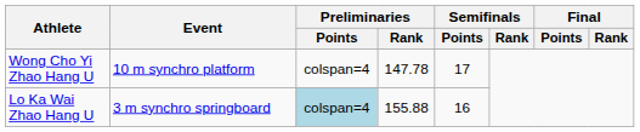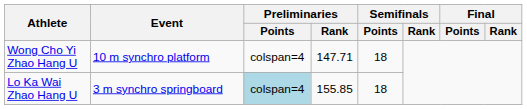 <table class="wikitable" style="text-align:center; font-size:90%; width:50%;">
 <tr>
 <th rowspan=2>Athlete</th>
 <th rowspan=2>Event</th>
 <th colspan=2>Preliminaries</th>
 <th colspan=2>Semifinals</th>
 <th colspan=2>Final</th>
 </tr>
 <tr style="font-size:95%">
 <th>Points</th>
 <th>Rank</th>
 <th>Points</th>
 <th>Rank</th>
 <th>Points</th>
 <th>Rank</th>
 </tr>
 <tr>
 <td align=left><a href='#'>Wong Cho Yi</a> <br><a href='#'>Zhao Hang U</a></td>
 <td align=left><a href='#'>10 m synchro platform</a></td>
 <td>colspan=4 </td>
-<td>147.78</td>
-<td>17</td>
+<td>147.71</td>
+<td>18</td>
 </tr>
 <tr>
 <td align=left><a href='#'>Lo Ka Wai</a> <br><a href='#'>Zhao Hang U</a></td>
 <td align=left><a href='#'>3 m synchro springboard</a></td>
 <td style="background: lightblue;">colspan=4 </td>
-<td>155.88</td>
-<td>16</td>
+<td>155.85</td>
+<td>18</td>
 </tr>
 </table>
